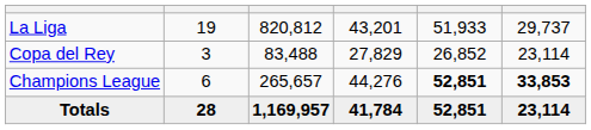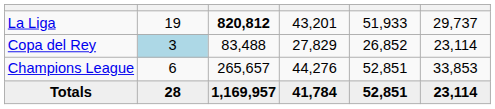 <table class="wikitable" style="text-align: center">
 <tr>
 <th></th>
 <th style="width:70px;"></th>
 <th style="width:70px;"></th>
 <th style="width:70px;"></th>
 <th style="width:70px;"></th>
 <th style="width:70px;"></th>
 </tr>
 <tr>
 <td align=left><a href='#'>La Liga</a></td>
 <td>19</td>
-<td>820,812</td>
+<td><strong>820,812</strong></td>
 <td>43,201</td>
 <td>51,933</td>
 <td>29,737</td>
 </tr>
 <tr>
 <td align=left><a href='#'>Copa del Rey</a></td>
-<td>3</td>
+<td style="background: lightblue;">3</td>
 <td>83,488</td>
 <td>27,829</td>
 <td>26,852</td>
 <td>23,114</td>
 </tr>
 <tr>
 <td align=left><a href='#'>Champions League</a></td>
 <td>6</td>
 <td>265,657</td>
 <td>44,276</td>
-<td><strong>52,851</strong></td>
-<td><strong>33,853</strong></td>
+<td>52,851</td>
+<td>33,853</td>
 </tr>
 <tr bgcolor="#EFEFEF">
 <td><strong>Totals</strong></td>
 <td><strong>28</strong></td>
 <td><strong>1,169,957</strong></td>
 <td><strong>41,784</strong></td>
 <td><strong>52,851</strong></td>
 <td><strong>23,114</strong></td>
 </tr>
 </table>
